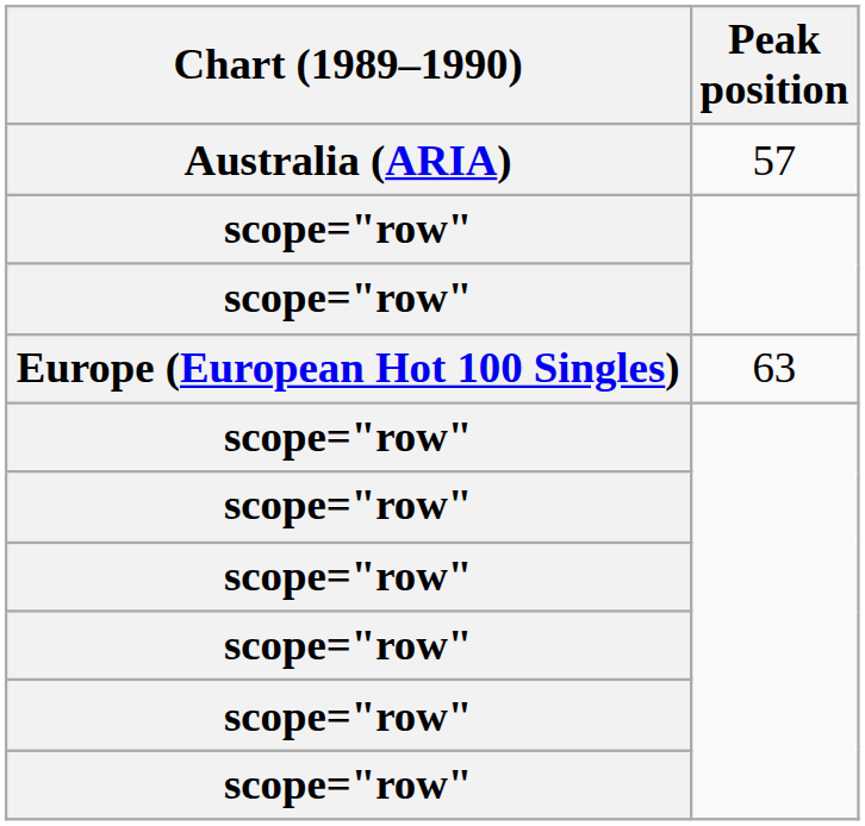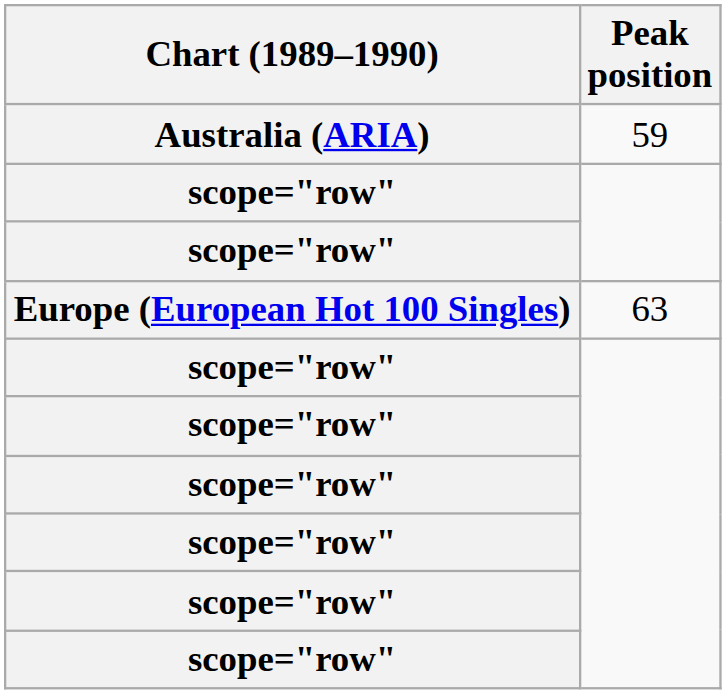 <table class="wikitable plainrowheaders sortable" style="text-align:center">
 <tr>
 <th scope="col">Chart (1989–1990)</th>
 <th scope="col">Peak<br>position</th>
 </tr>
 <tr>
 <th scope="row">Australia (<a href='#'>ARIA</a>)</th>
-<td>57</td>
+<td>59</td>
 </tr>
 <tr>
 <th>scope="row" </th>
 </tr>
 <tr>
 <th>scope="row" </th>
 </tr>
 <tr>
 <th scope="row">Europe (<a href='#'>European Hot 100 Singles</a>)</th>
 <td>63</td>
 </tr>
 <tr>
 <th>scope="row" </th>
 </tr>
 <tr>
 <th>scope="row" </th>
 </tr>
 <tr>
 <th>scope="row" </th>
 </tr>
 <tr>
 <th>scope="row" </th>
 </tr>
 <tr>
 <th>scope="row" </th>
 </tr>
 <tr>
 <th>scope="row" </th>
 </tr>
 </table>
